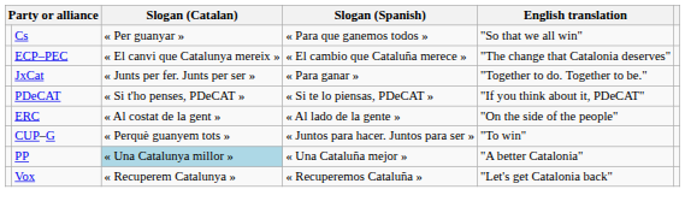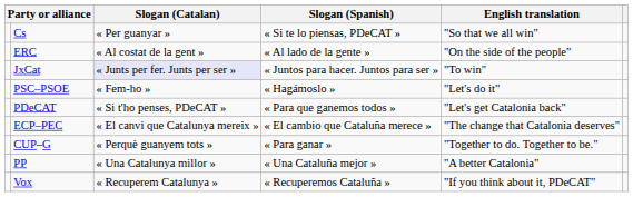 <table class="wikitable" style="text-align:left;">
 <tr>
 <th style="text-align:left;" colspan="2">Party or alliance</th>
 <th>Slogan (Catalan)</th>
 <th>Slogan (Spanish)</th>
 <th>English translation</th>
 <th></th>
 </tr>
 <tr>
 <td width="1" style="color:inherit;background:"></td>
 <td><a href='#'>Cs</a></td>
 <td>« Per guanyar »</td>
+<td>« Si te lo piensas, PDeCAT »</td>
+<td>"So that we all win"</td>
+<td></td>
+</tr>
+<tr>
+<td style="color:inherit;background:"></td>
+<td><a href='#'>ERC</a></td>
+<td>« Al costat de la gent »</td>
+<td>« Al lado de la gente »</td>
+<td>"On the side of the people"</td>
+<td></td>
+</tr>
+<tr>
+<td style="color:inherit;background:"></td>
+<td><a href='#'>JxCat</a></td>
+<td style="background: lavender;">« Junts per fer. Junts per ser »</td>
+<td>« Juntos para hacer. Juntos para ser »</td>
+<td>"To win"</td>
+<td></td>
+</tr>
+<tr>
+<td style="color:inherit;background:"></td>
+<td><a href='#'>PSC–PSOE</a></td>
+<td>« Fem-ho »</td>
+<td>« Hagámoslo »</td>
+<td>"Let's do it"</td>
+<td></td>
+</tr>
+<tr>
+<td style="color:inherit;background:"></td>
+<td><a href='#'>PDeCAT</a></td>
+<td>« Si t'ho penses, PDeCAT »</td>
 <td>« Para que ganemos todos »</td>
-<td>"So that we all win"</td>
+<td>"Let's get Catalonia back"</td>
 <td></td>
 </tr>
 <tr>
 <td style="color:inherit;background:"></td>
 <td><a href='#'>ECP–PEC</a></td>
 <td>« El canvi que Catalunya mereix »</td>
 <td>« El cambio que Cataluña merece »</td>
 <td>"The change that Catalonia deserves"</td>
 <td></td>
 </tr>
 <tr>
 <td style="color:inherit;background:"></td>
-<td><a href='#'>JxCat</a></td>
-<td>« Junts per fer. Junts per ser »</td>
+<td><a href='#'>CUP</a>–<a href='#'>G</a></td>
+<td>« Perquè guanyem tots »</td>
 <td>« Para ganar »</td>
 <td>"Together to do. Together to be."</td>
 <td></td>
 </tr>
 <tr>
 <td style="color:inherit;background:"></td>
-<td><a href='#'>PDeCAT</a></td>
-<td>« Si t'ho penses, PDeCAT »</td>
-<td>« Si te lo piensas, PDeCAT »</td>
-<td>"If you think about it, PDeCAT"</td>
-<td></td>
-</tr>
-<tr>
-<td style="color:inherit;background:"></td>
-<td><a href='#'>ERC</a></td>
-<td>« Al costat de la gent »</td>
-<td>« Al lado de la gente »</td>
-<td>"On the side of the people"</td>
-<td></td>
-</tr>
-<tr>
-<td style="color:inherit;background:"></td>
-<td><a href='#'>CUP</a>–<a href='#'>G</a></td>
-<td>« Perquè guanyem tots »</td>
-<td>« Juntos para hacer. Juntos para ser »</td>
-<td>"To win"</td>
-<td></td>
-</tr>
-<tr>
-<td style="color:inherit;background:"></td>
 <td><a href='#'>PP</a></td>
-<td style="background: lightblue;">« Una Catalunya millor »</td>
+<td>« Una Catalunya millor »</td>
 <td>« Una Cataluña mejor »</td>
 <td>"A better Catalonia"</td>
 <td></td>
 </tr>
 <tr>
 <td style="color:inherit;background:"></td>
 <td><a href='#'>Vox</a></td>
 <td>« Recuperem Catalunya »</td>
 <td>« Recuperemos Cataluña »</td>
-<td>"Let's get Catalonia back"</td>
+<td>"If you think about it, PDeCAT"</td>
 <td></td>
 </tr>
 </table>
